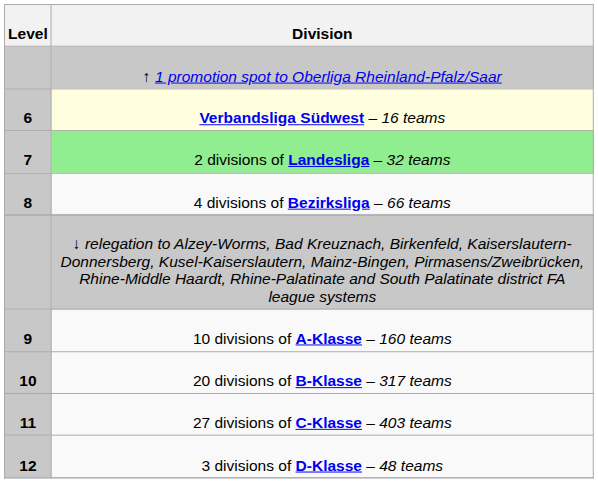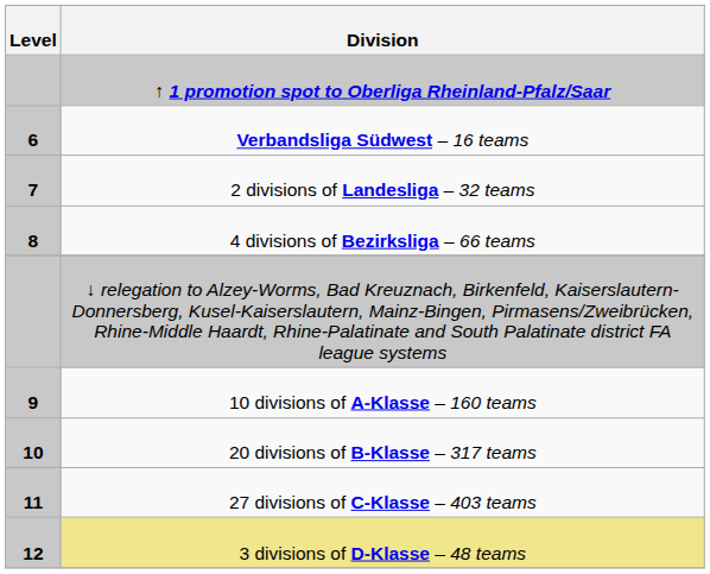 <table class="wikitable" style="text-align:center">
 <tr>
 <th colspan="1" width="4%"><br>Level</th>
 <th colspan="1"><br>Division</th>
 </tr>
 <tr style="background:#c8c8c8">
 <td colspan="1"></td>
-<td colspan="1"><br><em>↑ <a href='#'>1 promotion spot to Oberliga Rheinland-Pfalz/Saar</a></em></td>
+<td colspan="1"><strong><br><em>↑ <a href='#'>1 promotion spot to Oberliga Rheinland-Pfalz/Saar</a></em></strong></td>
 </tr>
 <tr>
 <td colspan="1" style="background:#c8c8c8"><br><strong>6</strong></td>
-<td colspan="1" style="background: lightyellow;"><br><strong><a href='#'>Verbandsliga Südwest</a></strong> – <em>16 teams</em></td>
+<td colspan="1"><br><strong><a href='#'>Verbandsliga Südwest</a></strong> – <em>16 teams</em></td>
 </tr>
 <tr>
 <td colspan="1" style="background:#c8c8c8"><br><strong>7</strong></td>
-<td colspan="1" style="background: lightgreen;"><br>2 divisions of <strong><a href='#'>Landesliga</a></strong> – <em>32 teams</em></td>
+<td colspan="1"><br>2 divisions of <strong><a href='#'>Landesliga</a></strong> – <em>32 teams</em></td>
 </tr>
 <tr>
 <td colspan="1" style="background:#c8c8c8"><br><strong>8</strong></td>
 <td colspan="1"><br>4 divisions of <strong><a href='#'>Bezirksliga</a></strong> – <em>66 teams</em></td>
 </tr>
 <tr>
 </tr>
 <tr style="background:#c8c8c8">
 <td colspan="1"></td>
 <td colspan="1"><br><em>↓ relegation to Alzey-Worms, Bad Kreuznach, Birkenfeld, Kaiserslautern-Donnersberg, Kusel-Kaiserslautern, Mainz-Bingen, Pirmasens/Zweibrücken, Rhine-Middle Haardt, Rhine-Palatinate and South Palatinate district FA league systems</em></td>
 </tr>
 <tr>
 <td colspan="1" style="background:#c8c8c8"><br><strong>9</strong></td>
 <td colspan="1"><br>10 divisions of <strong><a href='#'>A-Klasse</a></strong> – <em>160 teams</em></td>
 </tr>
 <tr>
 <td colspan="1" style="background:#c8c8c8"><br><strong>10</strong></td>
 <td colspan="1"><br>20 divisions of <strong><a href='#'>B-Klasse</a></strong> – <em>317 teams</em></td>
 </tr>
 <tr>
 <td colspan="1" style="background:#c8c8c8"><br><strong>11</strong></td>
 <td colspan="1"><br>27 divisions of <strong><a href='#'>C-Klasse</a></strong> – <em>403 teams</em></td>
 </tr>
 <tr>
 <td colspan="1" style="background:#c8c8c8"><br><strong>12</strong></td>
-<td colspan="1"><br>3 divisions of <strong><a href='#'>D-Klasse</a></strong> – <em>48 teams</em></td>
+<td colspan="1" style="background: khaki;"><br>3 divisions of <strong><a href='#'>D-Klasse</a></strong> – <em>48 teams</em></td>
 </tr>
 <tr>
 </tr>
 </table>
